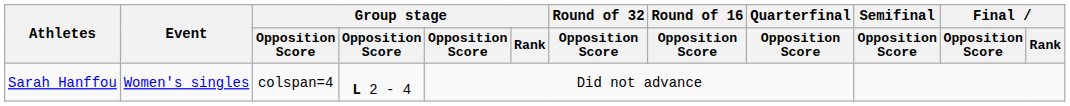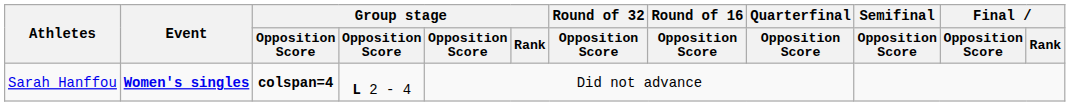 <table class=wikitable style=font-size:88%;text-align:center>
 <tr>
 <th rowspan=2>Athletes</th>
 <th rowspan=2>Event</th>
 <th colspan=4>Group stage</th>
 <th>Round of 32</th>
 <th>Round of 16</th>
 <th>Quarterfinal</th>
 <th>Semifinal</th>
 <th colspan=2>Final / </th>
 </tr>
 <tr style=font-size:95%>
 <th>Opposition<br>Score</th>
 <th>Opposition<br>Score</th>
 <th>Opposition<br>Score</th>
 <th>Rank</th>
 <th>Opposition<br>Score</th>
 <th>Opposition<br>Score</th>
 <th>Opposition<br>Score</th>
 <th>Opposition<br>Score</th>
 <th>Opposition<br>Score</th>
 <th>Rank</th>
 </tr>
 <tr>
 <td align=left><a href='#'>Sarah Hanffou</a></td>
-<td align=left><a href='#'>Women's singles</a></td>
-<td>colspan=4 </td>
+<td align=left><strong><a href='#'>Women's singles</a></strong></td>
+<td><strong>colspan=4 </strong></td>
 <td><br><strong>L</strong> 2 - 4</td>
 <td colspan="5">Did not advance</td>
 </tr>
 </table>
